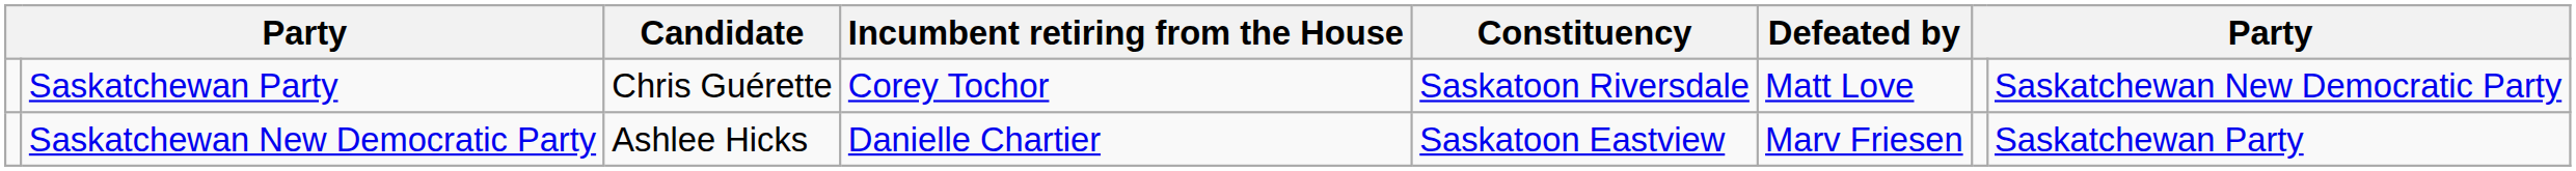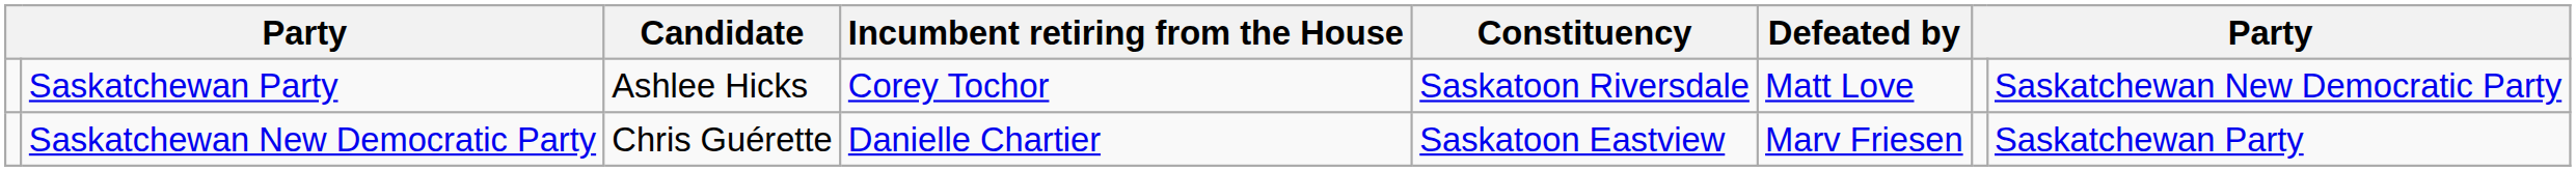 <table class="wikitable sortable" style="font-size: 95%;">
 <tr>
 <th colspan="2">Party</th>
 <th>Candidate</th>
 <th>Incumbent retiring from the House</th>
 <th>Constituency</th>
 <th>Defeated by</th>
 <th colspan="2">Party</th>
 </tr>
 <tr>
 <td></td>
 <td><a href='#'>Saskatchewan Party</a></td>
-<td>Chris Guérette</td>
+<td>Ashlee Hicks</td>
 <td><a href='#'>Corey Tochor</a></td>
 <td><a href='#'>Saskatoon Riversdale</a></td>
 <td><a href='#'>Matt Love</a></td>
 <td></td>
 <td><a href='#'>Saskatchewan New Democratic Party</a></td>
 </tr>
 <tr>
 <td></td>
 <td><a href='#'>Saskatchewan New Democratic Party</a></td>
-<td>Ashlee Hicks</td>
+<td>Chris Guérette</td>
 <td><a href='#'>Danielle Chartier</a></td>
 <td><a href='#'>Saskatoon Eastview</a></td>
 <td><a href='#'>Marv Friesen</a></td>
 <td></td>
 <td><a href='#'>Saskatchewan Party</a></td>
 </tr>
 </table>
